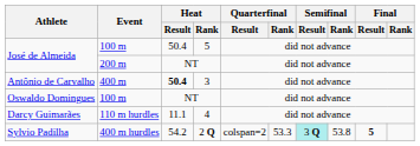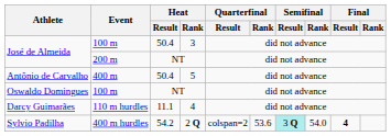 <table class="wikitable" style="font-size:90%">
 <tr>
 <th rowspan="2">Athlete</th>
 <th rowspan="2">Event</th>
 <th colspan="2">Heat</th>
 <th colspan="2">Quarterfinal</th>
 <th colspan="2">Semifinal</th>
 <th colspan="2">Final</th>
 </tr>
 <tr style="font-size:95%">
 <th>Result</th>
 <th>Rank</th>
 <th>Result</th>
 <th>Rank</th>
 <th>Result</th>
 <th>Rank</th>
 <th>Result</th>
 <th>Rank</th>
 </tr>
 <tr align=center>
 <td align=left rowspan="2"><a href='#'>José de Almeida</a></td>
 <td align=left><a href='#'>100 m</a></td>
 <td>50.4</td>
-<td>5</td>
+<td>3</td>
 <td colspan=6>did not advance</td>
 </tr>
 <tr align=center>
 <td align=left><a href='#'>200 m</a></td>
 <td colspan=2>NT</td>
 <td colspan=6>did not advance</td>
 </tr>
 <tr align=center>
 <td align=left><a href='#'>Antônio de Carvalho</a></td>
 <td align=left><a href='#'>400 m</a></td>
-<td><strong>50.4</strong></td>
-<td>3</td>
+<td>50.4</td>
+<td>5</td>
 <td colspan=6>did not advance</td>
 </tr>
 <tr align=center>
 <td align=left><a href='#'>Oswaldo Domingues</a></td>
 <td align=left><a href='#'>100 m</a></td>
 <td colspan=2>NT</td>
 <td colspan=6>did not advance</td>
 </tr>
 <tr align=center>
 <td align=left><a href='#'>Darcy Guimarães</a></td>
 <td align=left rowspan="1"><a href='#'>110 m hurdles</a></td>
 <td>11.1</td>
 <td>4</td>
 <td colspan=6>did not advance</td>
 </tr>
 <tr align=center>
 <td align=left><a href='#'>Sylvio Padilha</a></td>
 <td align=left rowspan="1"><a href='#'>400 m hurdles</a></td>
 <td>54.2</td>
 <td>2 <strong>Q</strong></td>
 <td>colspan=2 </td>
-<td>53.3</td>
+<td>53.6</td>
 <td style="background: paleturquoise;">3 <strong>Q</strong></td>
-<td>53.8</td>
-<td><strong>5</strong></td>
+<td>54.0</td>
+<td><strong>4</strong></td>
 </tr>
 </table>
